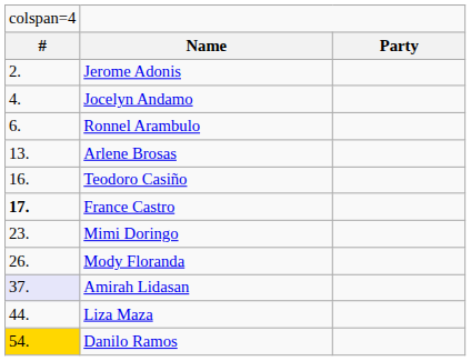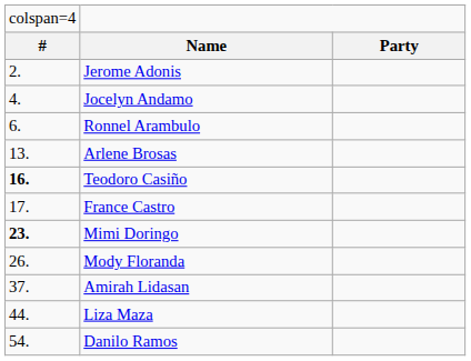 <table class=wikitable style="font-size:90%">
 <tr>
 <td>colspan=4 </td>
 </tr>
 <tr>
 <th>#</th>
 <th width=55%>Name</th>
 <th colspan=2 width=110px>Party</th>
 </tr>
 <tr>
 <td>2.</td>
 <td><a href='#'>Jerome Adonis</a></td>
 <td></td>
 </tr>
 <tr>
 <td>4.</td>
 <td><a href='#'>Jocelyn Andamo</a></td>
 <td></td>
 </tr>
 <tr>
 <td>6.</td>
 <td><a href='#'>Ronnel Arambulo</a></td>
 <td></td>
 </tr>
 <tr>
 <td>13.</td>
 <td><a href='#'>Arlene Brosas</a></td>
 <td></td>
 </tr>
 <tr>
-<td>16.</td>
+<td><strong>16.</strong></td>
 <td><a href='#'>Teodoro Casiño</a></td>
 <td></td>
 </tr>
 <tr>
-<td><strong>17.</strong></td>
+<td>17.</td>
 <td><a href='#'>France Castro</a></td>
 <td></td>
 </tr>
 <tr>
-<td>23.</td>
+<td><strong>23.</strong></td>
 <td><a href='#'>Mimi Doringo</a></td>
 <td></td>
 </tr>
 <tr>
 <td>26.</td>
 <td><a href='#'>Mody Floranda</a></td>
 <td></td>
 </tr>
 <tr>
-<td style="background: lavender;">37.</td>
+<td>37.</td>
 <td><a href='#'>Amirah Lidasan</a></td>
 <td></td>
 </tr>
 <tr>
 <td>44.</td>
 <td><a href='#'>Liza Maza</a></td>
 <td></td>
 </tr>
 <tr>
-<td style="background: gold;">54.</td>
+<td>54.</td>
 <td><a href='#'>Danilo Ramos</a></td>
 <td></td>
 </tr>
 </table>
